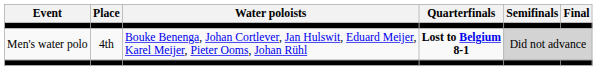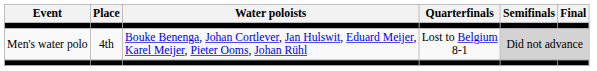 <table class=wikitable>
 <tr>
 <th>Event</th>
 <th>Place</th>
 <th>Water poloists</th>
 <th>Quarterfinals</th>
 <th>Semifinals</th>
 <th>Final</th>
 </tr>
 <tr bgcolor=black>
 <td></td>
 <td></td>
 <td></td>
 <td></td>
 <td></td>
 <td></td>
 </tr>
 <tr align=center>
 <td align=left>Men's water polo</td>
 <td>4th</td>
 <td align=left><a href='#'>Bouke Benenga</a>, <a href='#'>Johan Cortlever</a>, <a href='#'>Jan Hulswit</a>, <a href='#'>Eduard Meijer</a>, <br> <a href='#'>Karel Meijer</a>, <a href='#'>Pieter Ooms</a>, <a href='#'>Johan Rühl</a></td>
-<td><strong>Lost to <a href='#'>Belgium</a> <br> 8-1</strong></td>
+<td>Lost to <a href='#'>Belgium</a> <br> 8-1</td>
 <td colspan=2 bgcolor=lightgray>Did not advance</td>
 </tr>
 <tr bgcolor=black>
 <td></td>
 <td></td>
 <td></td>
 <td></td>
 <td></td>
 <td></td>
 </tr>
 </table>
